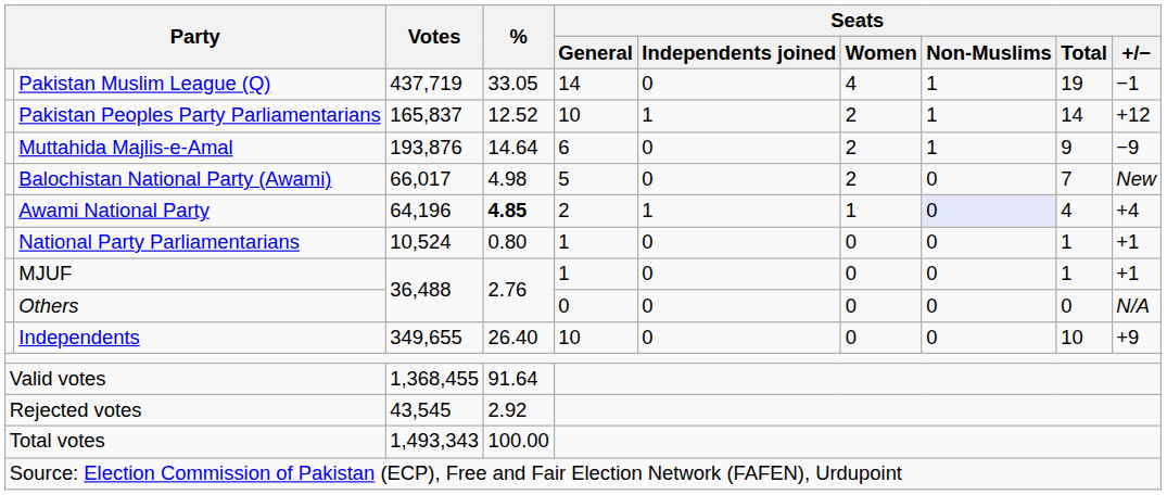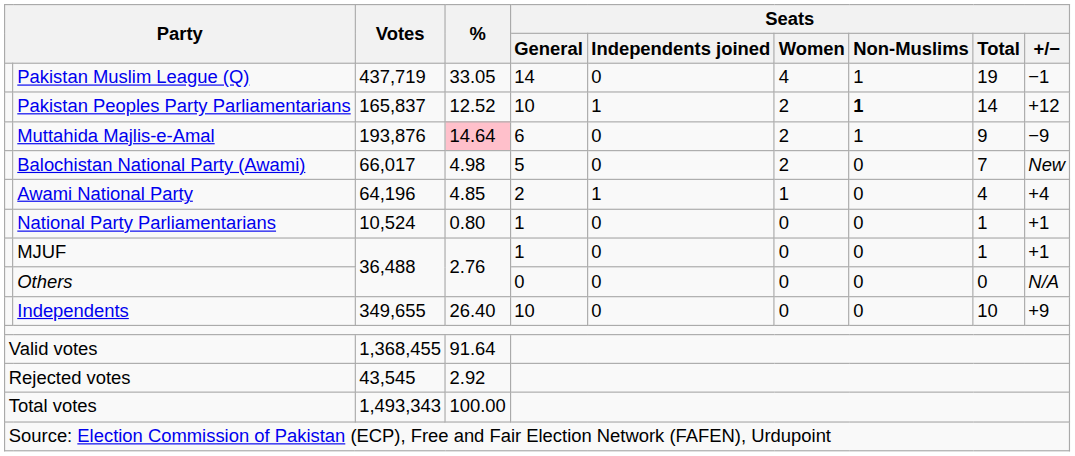 <table class="wikitable">
 <tr>
 <th colspan="2" rowspan="2">Party</th>
 <th rowspan="2">Votes</th>
 <th rowspan="2">%</th>
 <th colspan="6">Seats</th>
 </tr>
 <tr>
 <th>General</th>
 <th>Independents joined</th>
 <th>Women</th>
 <th>Non-Muslims</th>
 <th>Total</th>
 <th><strong>+/−</strong></th>
 </tr>
 <tr>
 <td></td>
 <td><a href='#'>Pakistan Muslim League (Q)</a></td>
 <td>437,719</td>
 <td>33.05</td>
 <td>14</td>
 <td>0</td>
 <td>4</td>
 <td>1</td>
 <td>19</td>
 <td>−1</td>
 </tr>
 <tr>
 <td></td>
 <td><a href='#'>Pakistan Peoples Party Parliamentarians</a></td>
 <td>165,837</td>
 <td>12.52</td>
 <td>10</td>
 <td>1</td>
 <td>2</td>
-<td>1</td>
+<td><strong>1</strong></td>
 <td>14</td>
 <td>+12</td>
 </tr>
 <tr>
 <td></td>
 <td><a href='#'>Muttahida Majlis-e-Amal</a></td>
 <td>193,876</td>
-<td>14.64</td>
+<td style="background: pink;">14.64</td>
 <td>6</td>
 <td>0</td>
 <td>2</td>
 <td>1</td>
 <td>9</td>
 <td>−9</td>
 </tr>
 <tr>
 <td></td>
 <td><a href='#'>Balochistan National Party (Awami)</a></td>
 <td>66,017</td>
 <td>4.98</td>
 <td>5</td>
 <td>0</td>
 <td>2</td>
 <td>0</td>
 <td>7</td>
 <td><em>New</em></td>
 </tr>
 <tr>
 <td></td>
 <td><a href='#'>Awami National Party</a></td>
 <td>64,196</td>
-<td><strong>4.85</strong></td>
+<td>4.85</td>
 <td>2</td>
 <td>1</td>
 <td>1</td>
-<td style="background: lavender;">0</td>
+<td>0</td>
 <td>4</td>
 <td>+4</td>
 </tr>
 <tr>
 <td></td>
 <td><a href='#'>National Party Parliamentarians</a></td>
 <td>10,524</td>
 <td>0.80</td>
 <td>1</td>
 <td>0</td>
 <td>0</td>
 <td>0</td>
 <td>1</td>
 <td>+1</td>
 </tr>
 <tr>
 <td></td>
 <td>MJUF</td>
 <td rowspan="2">36,488</td>
 <td rowspan="2">2.76</td>
 <td>1</td>
 <td>0</td>
 <td>0</td>
 <td>0</td>
 <td>1</td>
 <td>+1</td>
 </tr>
 <tr>
 <td></td>
 <td><em>Others</em></td>
 <td>0</td>
 <td>0</td>
 <td>0</td>
 <td>0</td>
 <td>0</td>
 <td><em>N/A</em></td>
 </tr>
 <tr>
 <td></td>
 <td><a href='#'>Independents</a></td>
 <td>349,655</td>
 <td>26.40</td>
 <td>10</td>
 <td>0</td>
 <td>0</td>
 <td>0</td>
 <td>10</td>
 <td>+9</td>
 </tr>
 <tr>
 <td colspan="10"></td>
 </tr>
 <tr>
 <td colspan="2">Valid votes</td>
 <td>1,368,455</td>
 <td>91.64</td>
 <td colspan="6"></td>
 </tr>
 <tr>
 <td colspan="2">Rejected votes</td>
 <td>43,545</td>
 <td>2.92</td>
 <td colspan="6"></td>
 </tr>
 <tr>
 <td colspan="2">Total votes</td>
 <td>1,493,343</td>
 <td>100.00</td>
 <td colspan="6"></td>
 </tr>
 <tr>
 <td colspan="10">Source: <a href='#'>Election Commission of Pakistan</a> (ECP), Free and Fair Election Network (FAFEN), Urdupoint</td>
 </tr>
 </table>
